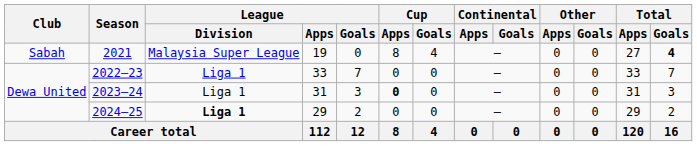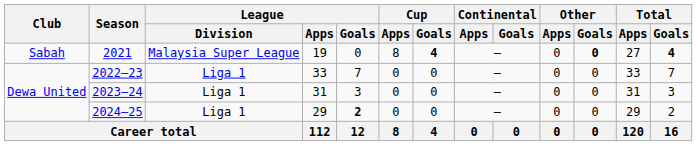 <table class="wikitable" style="text-align: center">
 <tr>
 <th rowspan="2">Club</th>
 <th rowspan="2">Season</th>
 <th colspan="3">League</th>
 <th colspan="2">Cup</th>
 <th colspan="2">Continental</th>
 <th colspan="2">Other</th>
 <th colspan="2">Total</th>
 </tr>
 <tr>
 <th>Division</th>
 <th>Apps</th>
 <th>Goals</th>
 <th>Apps</th>
 <th>Goals</th>
 <th>Apps</th>
 <th>Goals</th>
 <th>Apps</th>
 <th>Goals</th>
 <th>Apps</th>
 <th>Goals</th>
 </tr>
 <tr>
 <td rowspan="1"><a href='#'>Sabah</a></td>
 <td><a href='#'>2021</a></td>
 <td rowspan="1" valign="center"><a href='#'>Malaysia Super League</a></td>
 <td>19</td>
 <td>0</td>
 <td>8</td>
-<td>4</td>
+<td><strong>4</strong></td>
 <td colspan="2">–</td>
 <td>0</td>
-<td>0</td>
+<td><strong>0</strong></td>
 <td>27</td>
 <td><strong>4</strong></td>
 </tr>
 <tr>
 <td rowspan="3"><a href='#'>Dewa United</a></td>
 <td><a href='#'>2022–23</a></td>
 <td rowspan="1" valign="center"><a href='#'>Liga 1</a></td>
 <td>33</td>
 <td>7</td>
 <td>0</td>
 <td>0</td>
 <td colspan="2">–</td>
 <td>0</td>
 <td>0</td>
 <td>33</td>
 <td>7</td>
 </tr>
 <tr>
 <td><a href='#'>2023–24</a></td>
 <td rowspan="1" valign="center">Liga 1</td>
 <td>31</td>
 <td>3</td>
-<td><strong>0</strong></td>
+<td>0</td>
 <td>0</td>
 <td colspan="2">–</td>
 <td>0</td>
 <td>0</td>
 <td>31</td>
 <td>3</td>
 </tr>
 <tr>
 <td><a href='#'>2024–25</a></td>
-<td><strong>Liga 1</strong></td>
+<td>Liga 1</td>
 <td>29</td>
-<td>2</td>
+<td><strong>2</strong></td>
 <td>0</td>
 <td>0</td>
 <td colspan="2">–</td>
 <td>0</td>
 <td>0</td>
 <td>29</td>
 <td>2</td>
 </tr>
 <tr>
 <th colspan=3>Career total</th>
 <th>112</th>
 <th>12</th>
 <th>8</th>
 <th>4</th>
 <th>0</th>
 <th>0</th>
 <th>0</th>
 <th>0</th>
 <th>120</th>
 <th>16</th>
 </tr>
 </table>
